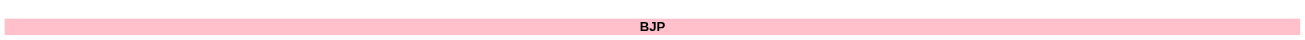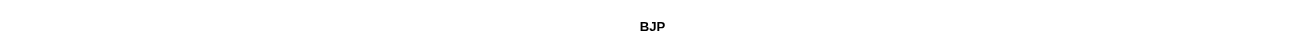 <table style="width:100%; text-align:center;">
 <tr style="color:white;">
 <td style="background:"><strong>2</strong></td>
 </tr>
 <tr>
-<td style="background: pink;"><span><strong>BJP</strong></span></td>
+<td><span><strong>BJP</strong></span></td>
 </tr>
 </table>
